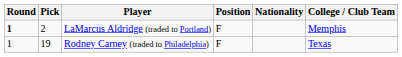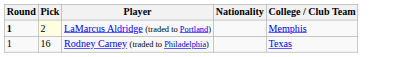 <table class="wikitable sortable sortable">
 <tr>
 <th>Round</th>
 <th>Pick</th>
 <th>Player</th>
-<th>Position</th>
 <th>Nationality</th>
 <th>College / Club Team</th>
 </tr>
 <tr>
 <td><strong>1</strong></td>
-<td>2</td>
+<td style="background: lightyellow;">2</td>
 <td><a href='#'>LaMarcus Aldridge</a> <small>(traded to <a href='#'>Portland</a>)</small></td>
-<td>F</td>
 <td></td>
 <td><a href='#'>Memphis</a></td>
 </tr>
 <tr>
 <td>1</td>
-<td>19</td>
+<td>16</td>
 <td><a href='#'>Rodney Carney</a> <small>(traded to <a href='#'>Philadelphia</a>)</small></td>
-<td>F</td>
 <td></td>
 <td><a href='#'>Texas</a></td>
 </tr>
 </table>
